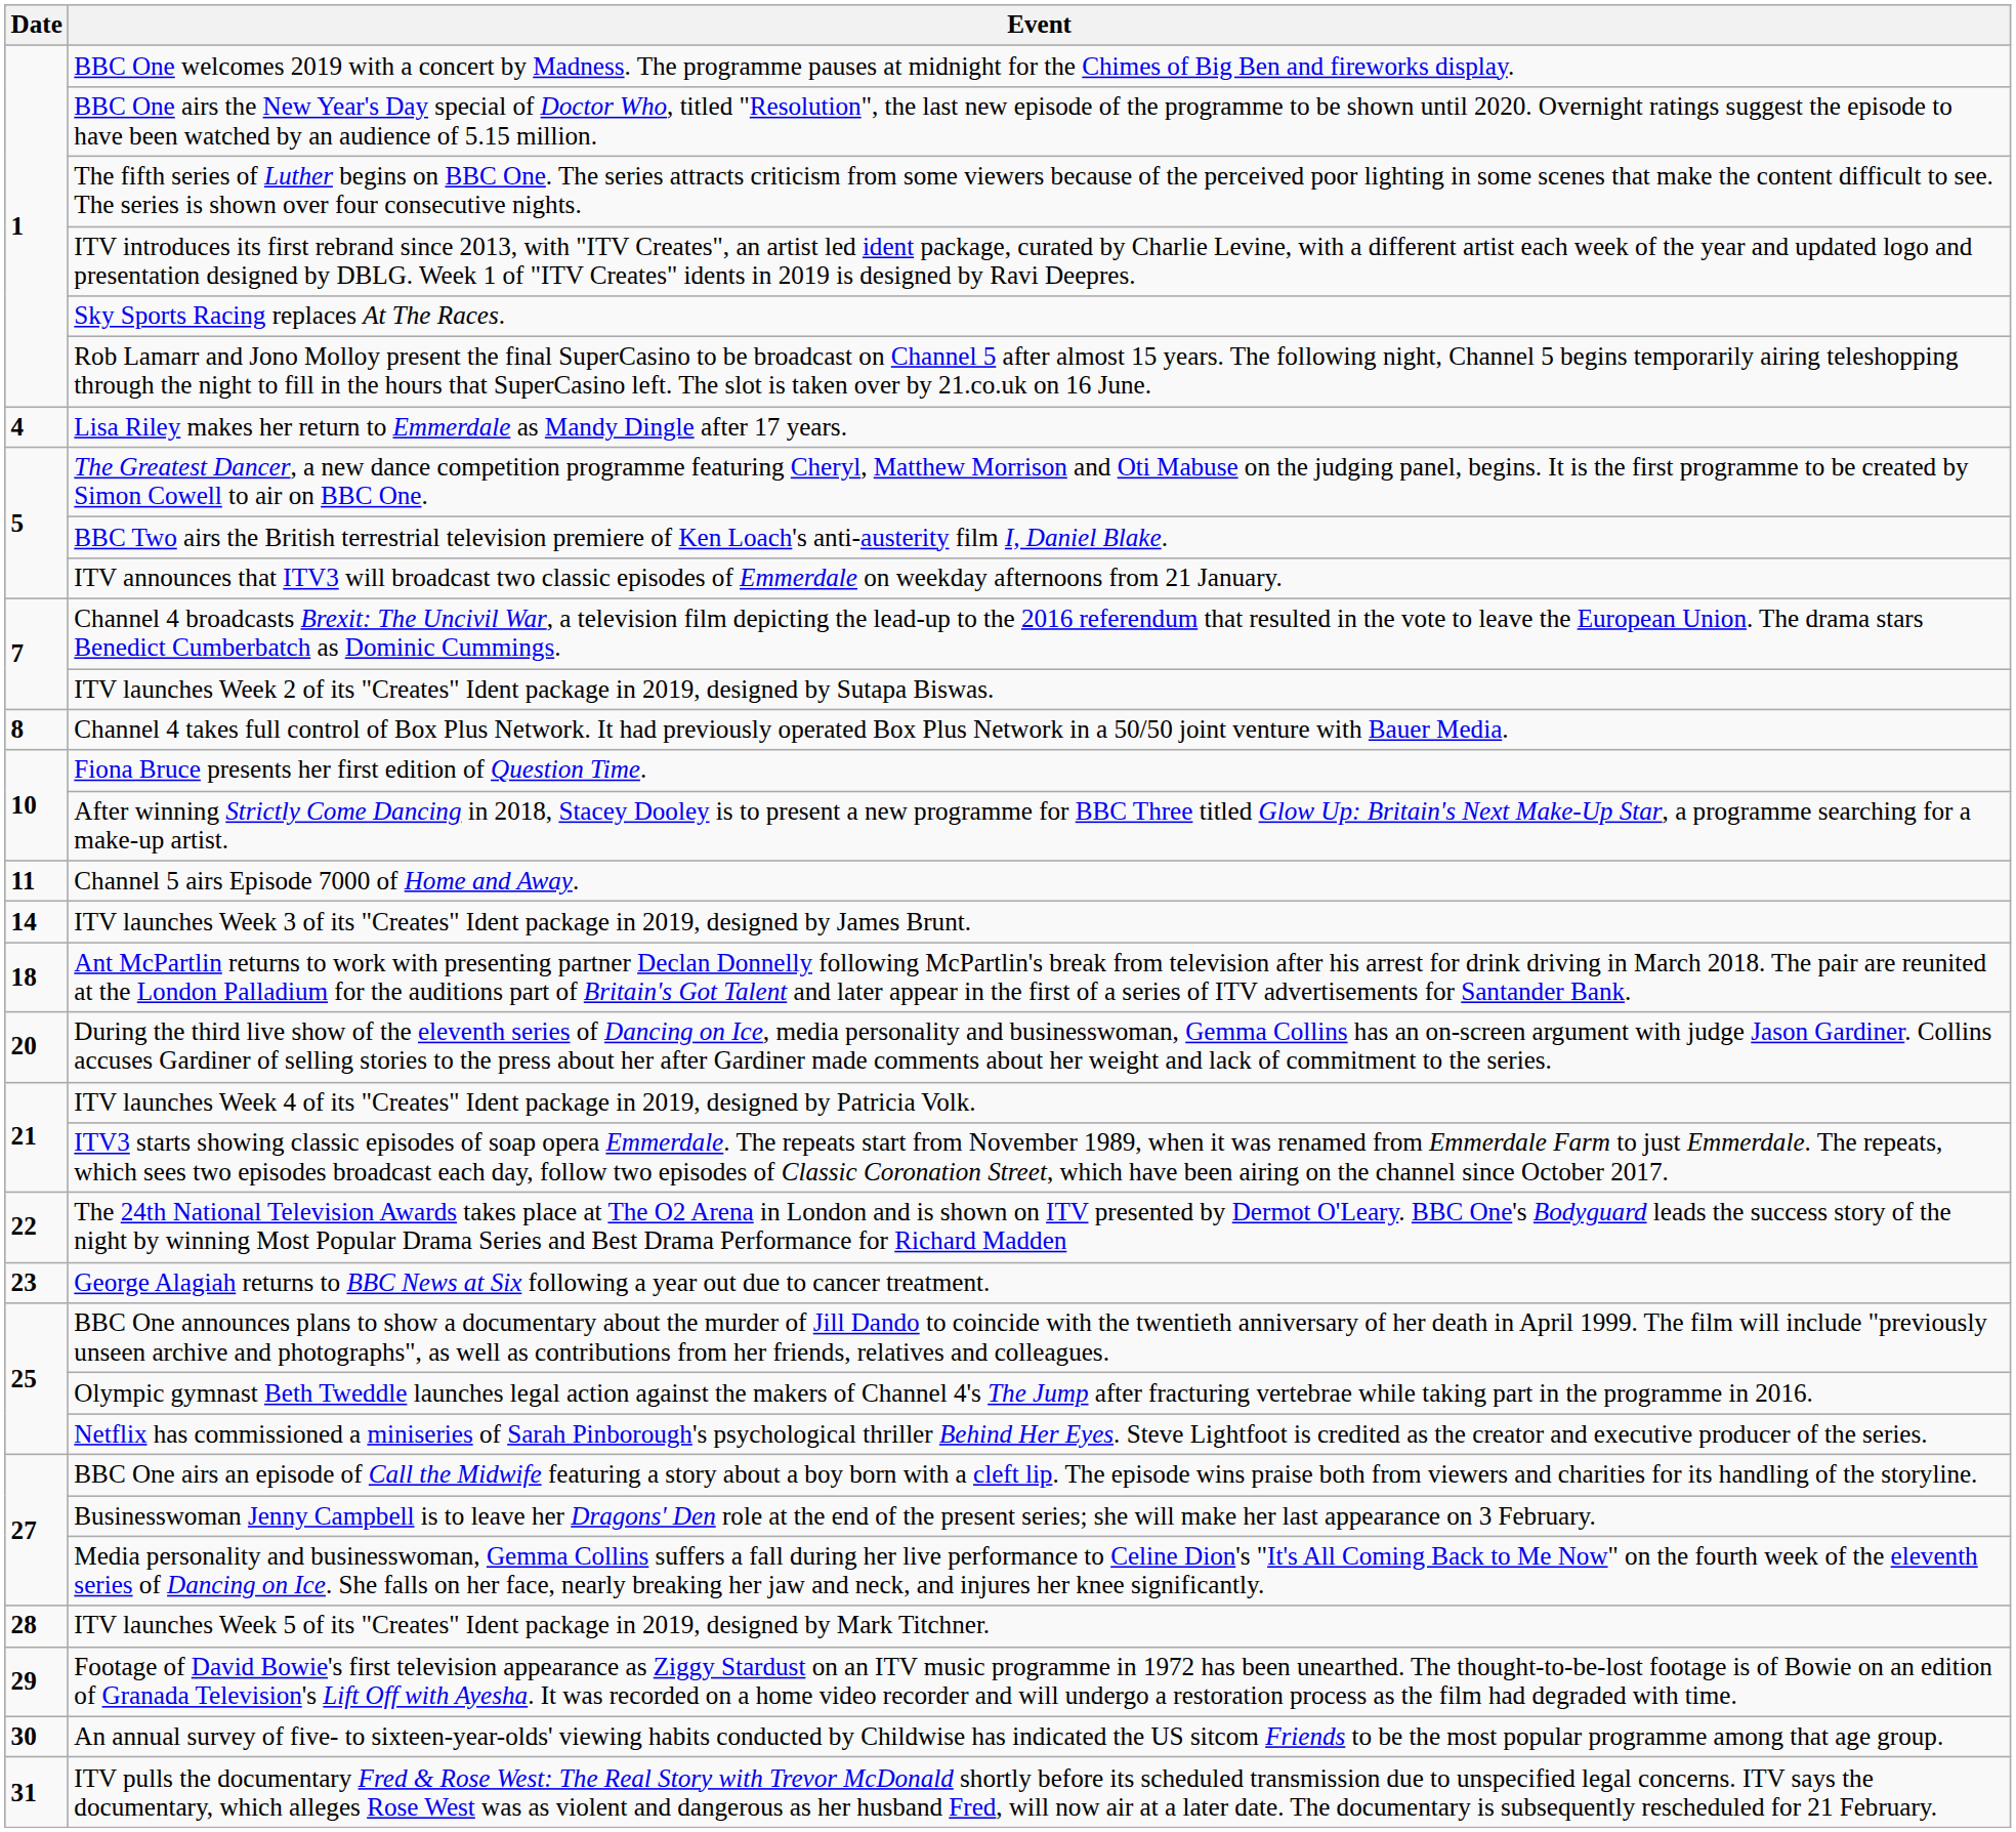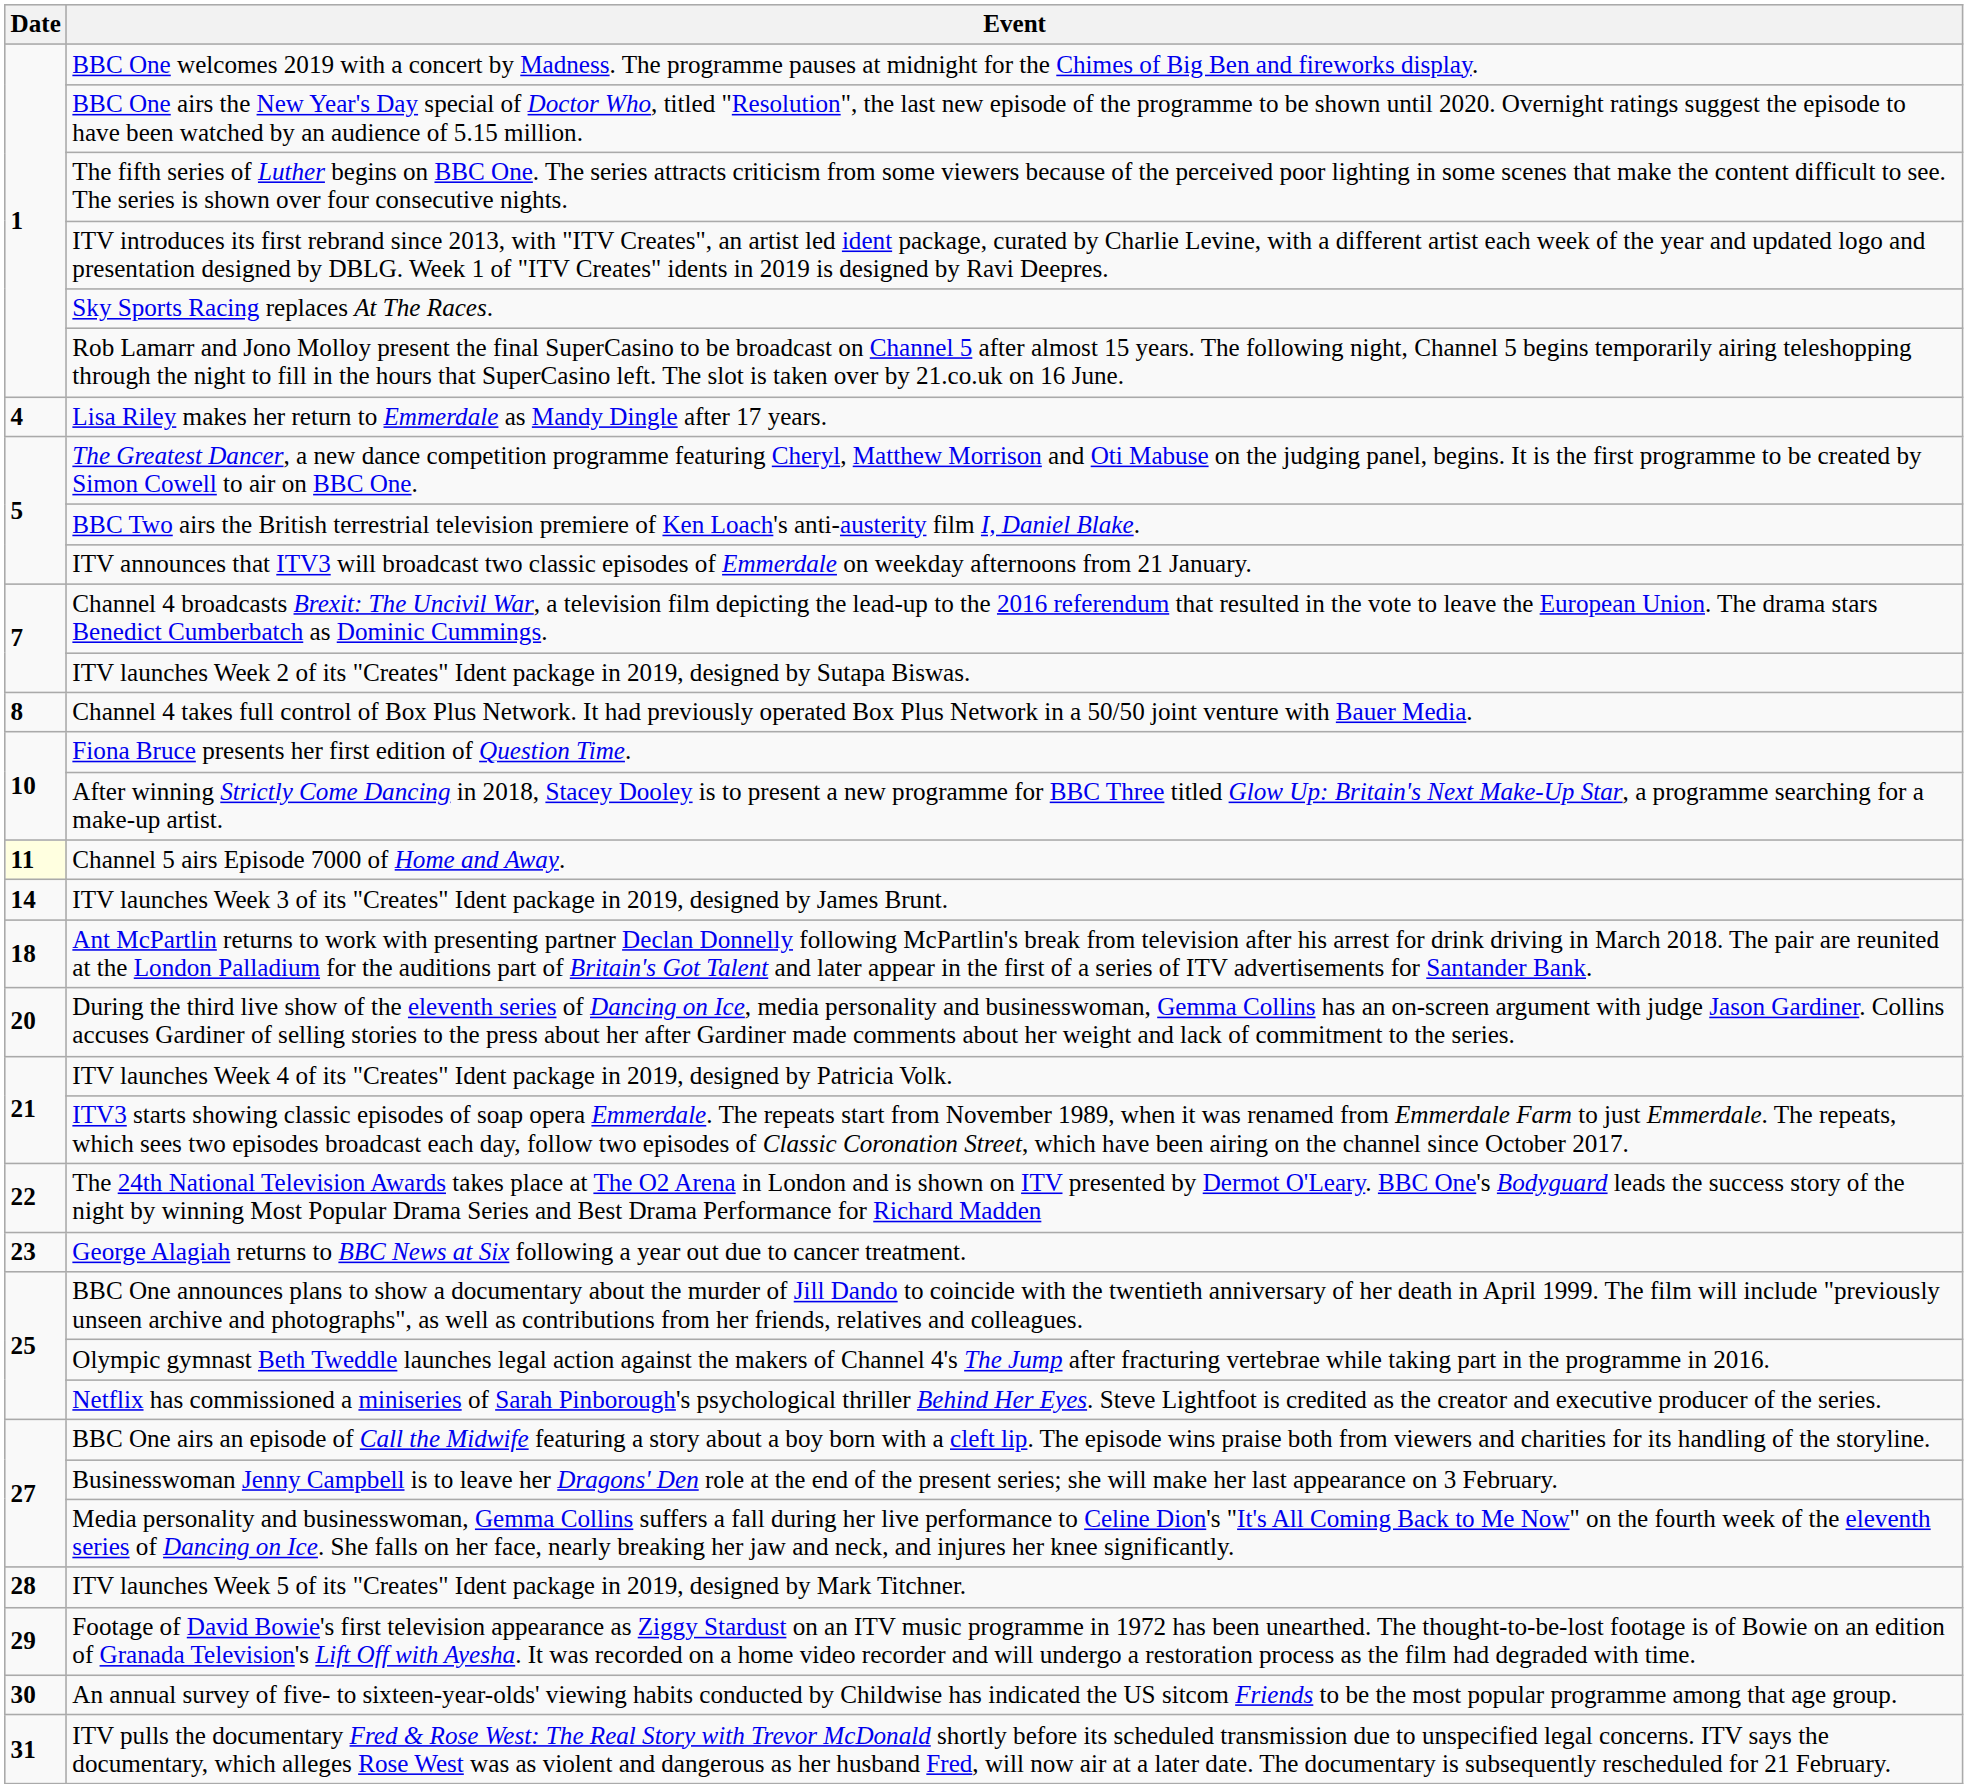 <table class="wikitable">
 <tr>
 <th>Date</th>
 <th>Event</th>
 </tr>
 <tr>
 <td rowspan="6"><strong>1</strong></td>
 <td><a href='#'>BBC One</a> welcomes 2019 with a concert by <a href='#'>Madness</a>. The programme pauses at midnight for the <a href='#'>Chimes of Big Ben and fireworks display</a>.</td>
 </tr>
 <tr>
 <td><a href='#'>BBC One</a> airs the <a href='#'>New Year's Day</a> special of <em><a href='#'>Doctor Who</a></em>, titled "<a href='#'>Resolution</a>", the last new episode of the programme to be shown until 2020. Overnight ratings suggest the episode to have been watched by an audience of 5.15 million.</td>
 </tr>
 <tr>
 <td>The fifth series of <em><a href='#'>Luther</a></em> begins on <a href='#'>BBC One</a>. The series attracts criticism from some viewers because of the perceived poor lighting in some scenes that make the content difficult to see. The series is shown over four consecutive nights.</td>
 </tr>
 <tr>
 <td>ITV introduces its first rebrand since 2013, with "ITV Creates", an artist led <a href='#'>ident</a> package, curated by Charlie Levine, with a different artist each week of the year and updated logo and presentation designed by DBLG. Week 1 of "ITV Creates" idents in 2019 is designed by Ravi Deepres.</td>
 </tr>
 <tr>
 <td><a href='#'>Sky Sports Racing</a> replaces <em>At The Races</em>.</td>
 </tr>
 <tr>
 <td>Rob Lamarr and Jono Molloy present the final SuperCasino to be broadcast on <a href='#'>Channel 5</a> after almost 15 years. The following night, Channel 5 begins temporarily airing teleshopping through the night to fill in the hours that SuperCasino left. The slot is taken over by 21.co.uk on 16 June.</td>
 </tr>
 <tr>
 <td><strong>4</strong></td>
 <td><a href='#'>Lisa Riley</a> makes her return to <em><a href='#'>Emmerdale</a></em> as <a href='#'>Mandy Dingle</a> after 17 years.</td>
 </tr>
 <tr>
 <td rowspan="3"><strong>5</strong></td>
 <td><em><a href='#'>The Greatest Dancer</a></em>, a new dance competition programme featuring <a href='#'>Cheryl</a>, <a href='#'>Matthew Morrison</a> and <a href='#'>Oti Mabuse</a> on the judging panel, begins. It is the first programme to be created by <a href='#'>Simon Cowell</a> to air on <a href='#'>BBC One</a>.</td>
 </tr>
 <tr>
 <td><a href='#'>BBC Two</a> airs the British terrestrial television premiere of <a href='#'>Ken Loach</a>'s anti-<a href='#'>austerity</a> film <em><a href='#'>I, Daniel Blake</a></em>.</td>
 </tr>
 <tr>
 <td>ITV announces that <a href='#'>ITV3</a> will broadcast two classic episodes of <em><a href='#'>Emmerdale</a></em> on weekday afternoons from 21 January.</td>
 </tr>
 <tr>
 <td rowspan="2"><strong>7</strong></td>
 <td>Channel 4 broadcasts <em><a href='#'>Brexit: The Uncivil War</a></em>, a television film depicting the lead-up to the <a href='#'>2016 referendum</a> that resulted in the vote to leave the <a href='#'>European Union</a>. The drama stars <a href='#'>Benedict Cumberbatch</a> as <a href='#'>Dominic Cummings</a>.</td>
 </tr>
 <tr>
 <td>ITV launches Week 2 of its "Creates" Ident package in 2019, designed by Sutapa Biswas.</td>
 </tr>
 <tr>
 <td><strong>8</strong></td>
 <td>Channel 4 takes full control of Box Plus Network. It had previously operated Box Plus Network in a 50/50 joint venture with <a href='#'>Bauer Media</a>.</td>
 </tr>
 <tr>
 <td rowspan=2><strong>10</strong></td>
 <td><a href='#'>Fiona Bruce</a> presents her first edition of <em><a href='#'>Question Time</a></em>.</td>
 </tr>
 <tr>
 <td>After winning <em><a href='#'>Strictly Come Dancing</a></em> in 2018, <a href='#'>Stacey Dooley</a> is to present a new programme for <a href='#'>BBC Three</a> titled <em><a href='#'>Glow Up: Britain's Next Make-Up Star</a></em>, a programme searching for a make-up artist.</td>
 </tr>
 <tr>
-<td><strong>11</strong></td>
+<td style="background: lightyellow;"><strong>11</strong></td>
 <td>Channel 5 airs Episode 7000 of <em><a href='#'>Home and Away</a></em>.</td>
 </tr>
 <tr>
 <td><strong>14</strong></td>
 <td>ITV launches Week 3 of its "Creates" Ident package in 2019, designed by James Brunt.</td>
 </tr>
 <tr>
 <td><strong>18</strong></td>
 <td><a href='#'>Ant McPartlin</a> returns to work with presenting partner <a href='#'>Declan Donnelly</a> following McPartlin's break from television after his arrest for drink driving in March 2018. The pair are reunited at the <a href='#'>London Palladium</a> for the auditions part of <em><a href='#'>Britain's Got Talent</a></em> and later appear in the first of a series of ITV advertisements for <a href='#'>Santander Bank</a>.</td>
 </tr>
 <tr>
 <td><strong>20</strong></td>
 <td>During the third live show of the <a href='#'>eleventh series</a> of <em><a href='#'>Dancing on Ice</a></em>, media personality and businesswoman, <a href='#'>Gemma Collins</a> has an on-screen argument with judge <a href='#'>Jason Gardiner</a>. Collins accuses Gardiner of selling stories to the press about her after Gardiner made comments about her weight and lack of commitment to the series.</td>
 </tr>
 <tr>
 <td rowspan=2><strong>21</strong></td>
 <td>ITV launches Week 4 of its "Creates" Ident package in 2019, designed by Patricia Volk.</td>
 </tr>
 <tr>
 <td><a href='#'>ITV3</a> starts showing classic episodes of soap opera <em><a href='#'>Emmerdale</a></em>. The repeats start from November 1989, when it was renamed from <em>Emmerdale Farm</em> to just <em>Emmerdale</em>. The repeats, which sees two episodes broadcast each day, follow two episodes of <em>Classic Coronation Street</em>, which have been airing on the channel since October 2017.</td>
 </tr>
 <tr>
 <td><strong>22</strong></td>
 <td>The <a href='#'>24th National Television Awards</a> takes place at <a href='#'>The O2 Arena</a> in London and is shown on <a href='#'>ITV</a> presented by <a href='#'>Dermot O'Leary</a>. <a href='#'>BBC One</a>'s <em><a href='#'>Bodyguard</a></em> leads the success story of the night by winning Most Popular Drama Series and Best Drama Performance for <a href='#'>Richard Madden</a></td>
 </tr>
 <tr>
 <td><strong>23</strong></td>
 <td><a href='#'>George Alagiah</a> returns to <em><a href='#'>BBC News at Six</a></em> following a year out due to cancer treatment.</td>
 </tr>
 <tr>
 <td rowspan=3><strong>25</strong></td>
 <td>BBC One announces plans to show a documentary about the murder of <a href='#'>Jill Dando</a> to coincide with the twentieth anniversary of her death in April 1999. The film will include "previously unseen archive and photographs", as well as contributions from her friends, relatives and colleagues.</td>
 </tr>
 <tr>
 <td>Olympic gymnast <a href='#'>Beth Tweddle</a> launches legal action against the makers of Channel 4's <em><a href='#'>The Jump</a></em> after fracturing vertebrae while taking part in the programme in 2016.</td>
 </tr>
 <tr>
 <td><a href='#'>Netflix</a> has commissioned a <a href='#'>miniseries</a> of <a href='#'>Sarah Pinborough</a>'s psychological thriller <em><a href='#'>Behind Her Eyes</a></em>. Steve Lightfoot is credited as the creator and executive producer of the series.</td>
 </tr>
 <tr>
 <td rowspan=3><strong>27</strong></td>
 <td>BBC One airs an episode of <em><a href='#'>Call the Midwife</a></em> featuring a story about a boy born with a <a href='#'>cleft lip</a>. The episode wins praise both from viewers and charities for its handling of the storyline.</td>
 </tr>
 <tr>
 <td>Businesswoman <a href='#'>Jenny Campbell</a> is to leave her <em><a href='#'>Dragons' Den</a></em> role at the end of the present series; she will make her last appearance on 3 February.</td>
 </tr>
 <tr>
 <td>Media personality and businesswoman, <a href='#'>Gemma Collins</a> suffers a fall during her live performance to <a href='#'>Celine Dion</a>'s "<a href='#'>It's All Coming Back to Me Now</a>" on the fourth week of the <a href='#'>eleventh series</a> of <em><a href='#'>Dancing on Ice</a></em>. She falls on her face, nearly breaking her jaw and neck, and injures her knee significantly.</td>
 </tr>
 <tr>
 <td><strong>28</strong></td>
 <td>ITV launches Week 5 of its "Creates" Ident package in 2019, designed by Mark Titchner.</td>
 </tr>
 <tr>
 <td><strong>29</strong></td>
 <td>Footage of <a href='#'>David Bowie</a>'s first television appearance as <a href='#'>Ziggy Stardust</a> on an ITV music programme in 1972 has been unearthed. The thought-to-be-lost footage is of Bowie on an edition of <a href='#'>Granada Television</a>'s <em><a href='#'>Lift Off with Ayesha</a></em>. It was recorded on a home video recorder and will undergo a restoration process as the film had degraded with time.</td>
 </tr>
 <tr>
 <td><strong>30</strong></td>
 <td>An annual survey of five- to sixteen-year-olds' viewing habits conducted by Childwise has indicated the US sitcom <em><a href='#'>Friends</a></em> to be the most popular programme among that age group.</td>
 </tr>
 <tr>
 <td><strong>31</strong></td>
 <td>ITV pulls the documentary <em><a href='#'>Fred & Rose West: The Real Story with Trevor McDonald</a></em> shortly before its scheduled transmission due to unspecified legal concerns. ITV says the documentary, which alleges <a href='#'>Rose West</a> was as violent and dangerous as her husband <a href='#'>Fred</a>, will now air at a later date. The documentary is subsequently rescheduled for 21 February.</td>
 </tr>
 </table>
